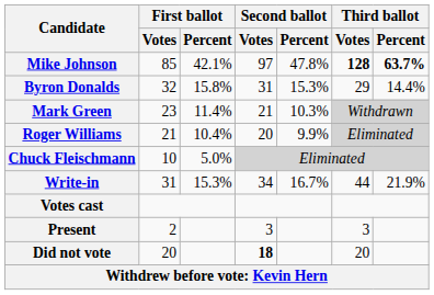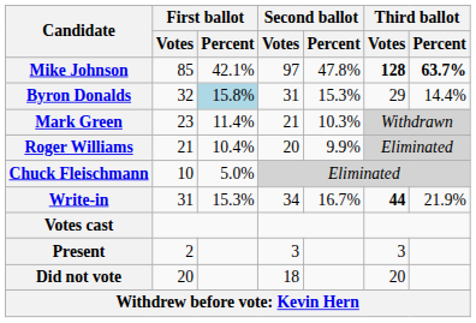 <table class="wikitable plainrowheaders" style="text-align:right">
 <tr>
 <th rowspan=2>Candidate</th>
 <th colspan=2 class="unsortable">First ballot</th>
 <th colspan=2 class="unsortable">Second ballot</th>
 <th colspan=2 class="unsortable">Third ballot</th>
 </tr>
 <tr>
 <th>Votes</th>
 <th>Percent</th>
 <th>Votes</th>
 <th>Percent</th>
 <th>Votes</th>
 <th>Percent</th>
 </tr>
 <tr>
 <th scope="row"><a href='#'>Mike Johnson</a></th>
 <td>85</td>
 <td>42.1%</td>
 <td>97</td>
 <td>47.8%</td>
 <td> <strong>128</strong></td>
 <td><strong>63.7%</strong></td>
 </tr>
 <tr>
 <th scope="row"><a href='#'>Byron Donalds</a></th>
 <td>32</td>
-<td>15.8%</td>
+<td style="background: lightblue;">15.8%</td>
 <td>31</td>
 <td>15.3%</td>
 <td> 29</td>
 <td>14.4%</td>
 </tr>
 <tr>
 <th scope="row"><a href='#'>Mark Green</a></th>
 <td>23</td>
 <td>11.4%</td>
 <td> 21</td>
 <td>10.3%</td>
 <td colspan=2 style="background:lightgrey; text-align:center"><em>Withdrawn</em></td>
 </tr>
 <tr>
 <th scope="row"><a href='#'>Roger Williams</a></th>
 <td>21</td>
 <td>10.4%</td>
 <td> 20</td>
 <td>9.9%</td>
 <td colspan=2 style="background:lightgrey; text-align:center"><em>Eliminated</em></td>
 </tr>
 <tr>
 <th scope="row"><a href='#'>Chuck Fleischmann</a></th>
 <td> 10</td>
 <td>5.0%</td>
 <td colspan=4 style="background:lightgrey; text-align:center"><em>Eliminated</em></td>
 </tr>
 <tr>
 <th scope="row"><a href='#'>Write-in</a></th>
 <td>31</td>
 <td>15.3%</td>
 <td>34</td>
 <td>16.7%</td>
-<td>44</td>
+<td><strong>44</strong></td>
 <td>21.9%</td>
 </tr>
 <tr>
 <th scope="row">Votes cast</th>
 <td colspan=2></td>
 <td colspan=2></td>
 <td colspan=2></td>
 </tr>
 <tr>
 <th scope="row">Present</th>
 <td>2</td>
 <td></td>
 <td>3</td>
 <td></td>
 <td>3</td>
 <td></td>
 </tr>
 <tr>
 <th scope="row">Did not vote</th>
 <td>20</td>
 <td></td>
-<td><strong>18</strong></td>
+<td>18</td>
 <td></td>
 <td>20</td>
 <td></td>
 </tr>
 <tr>
 <th scope="row" colspan=11>Withdrew before vote: <a href='#'>Kevin Hern</a></th>
 </tr>
 </table>
